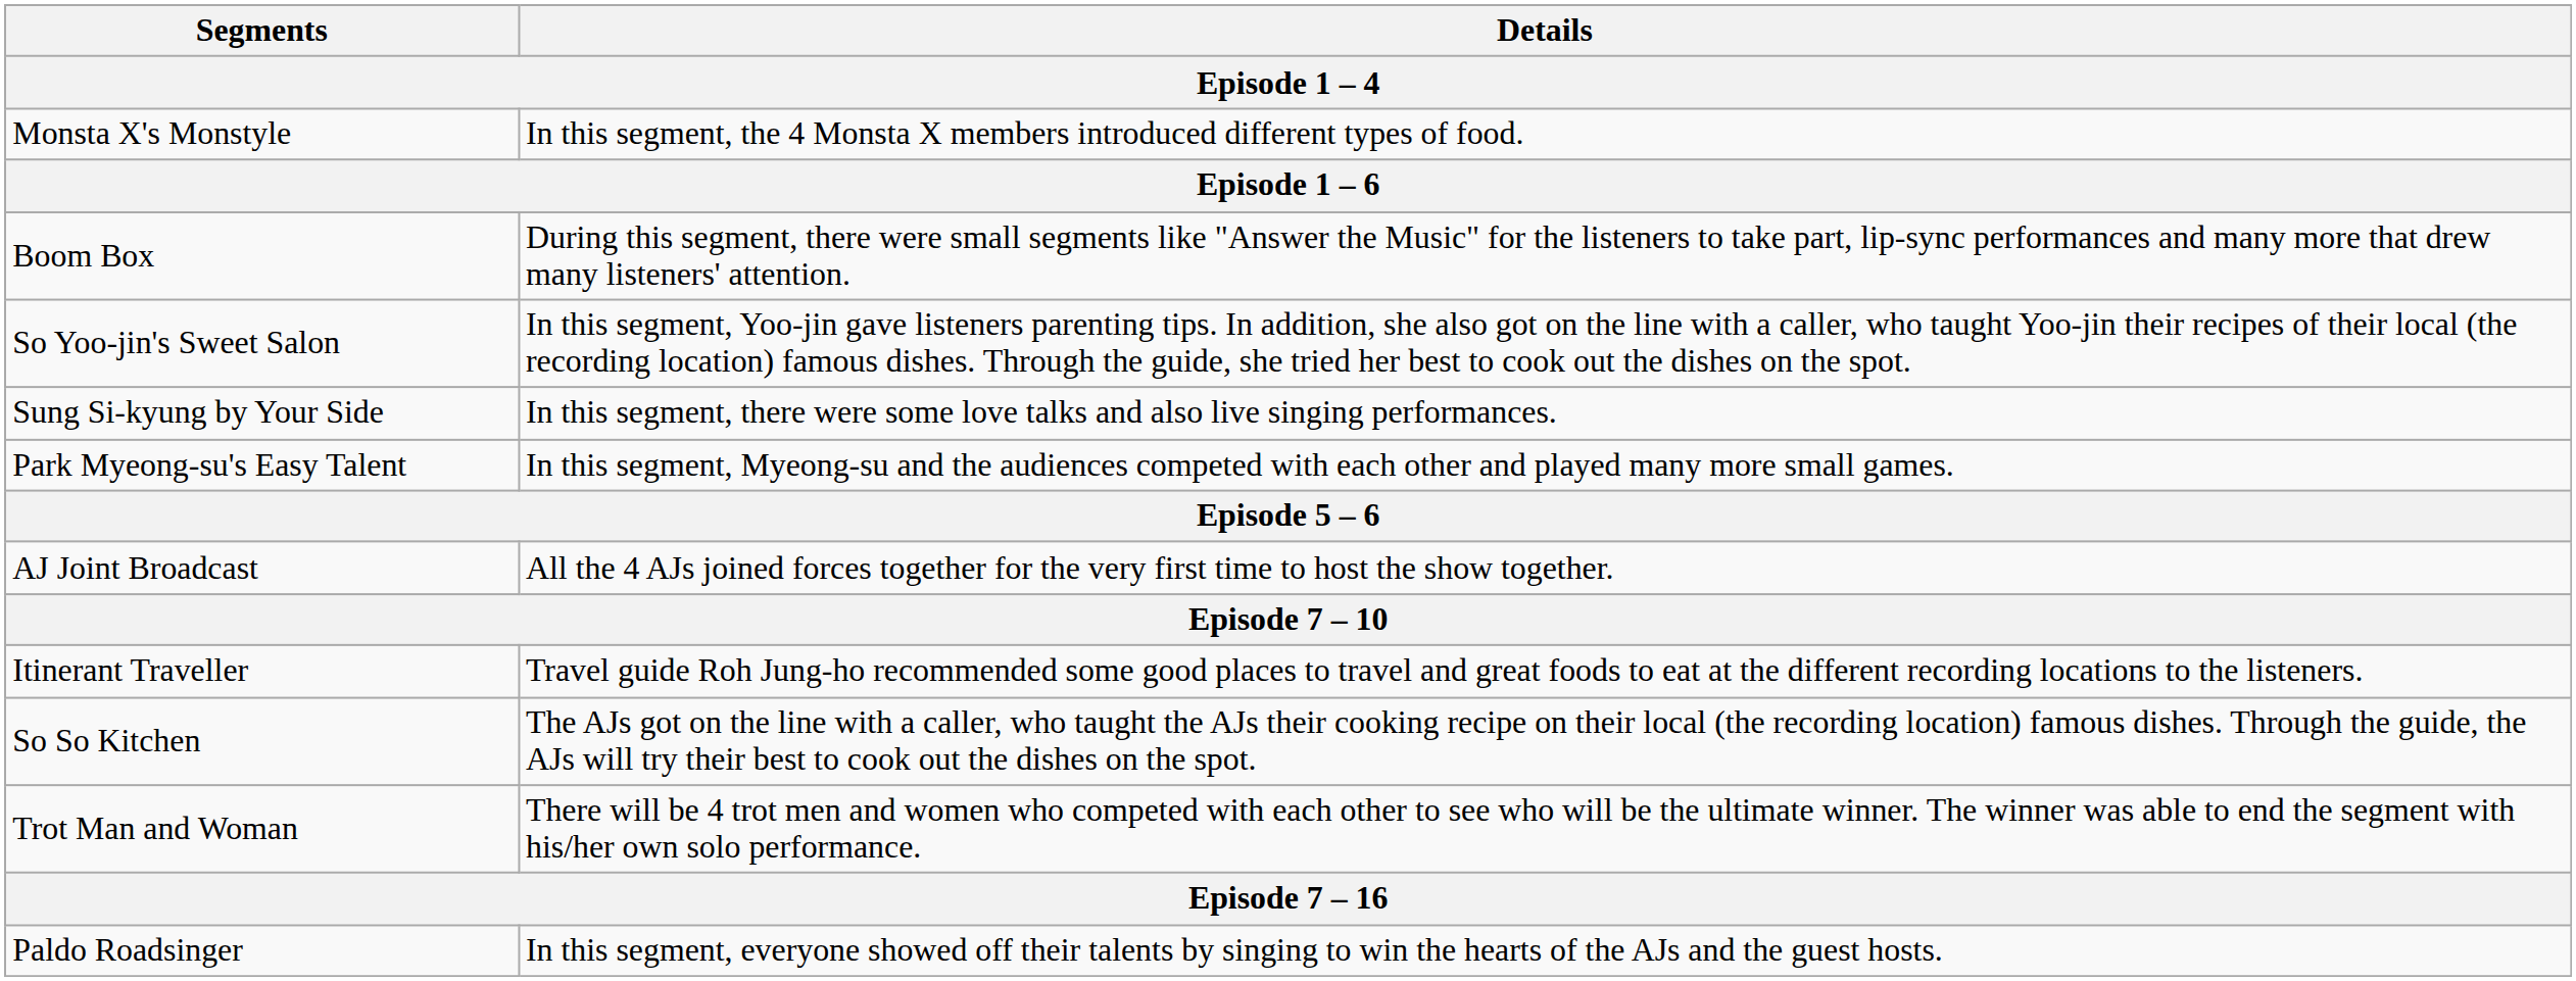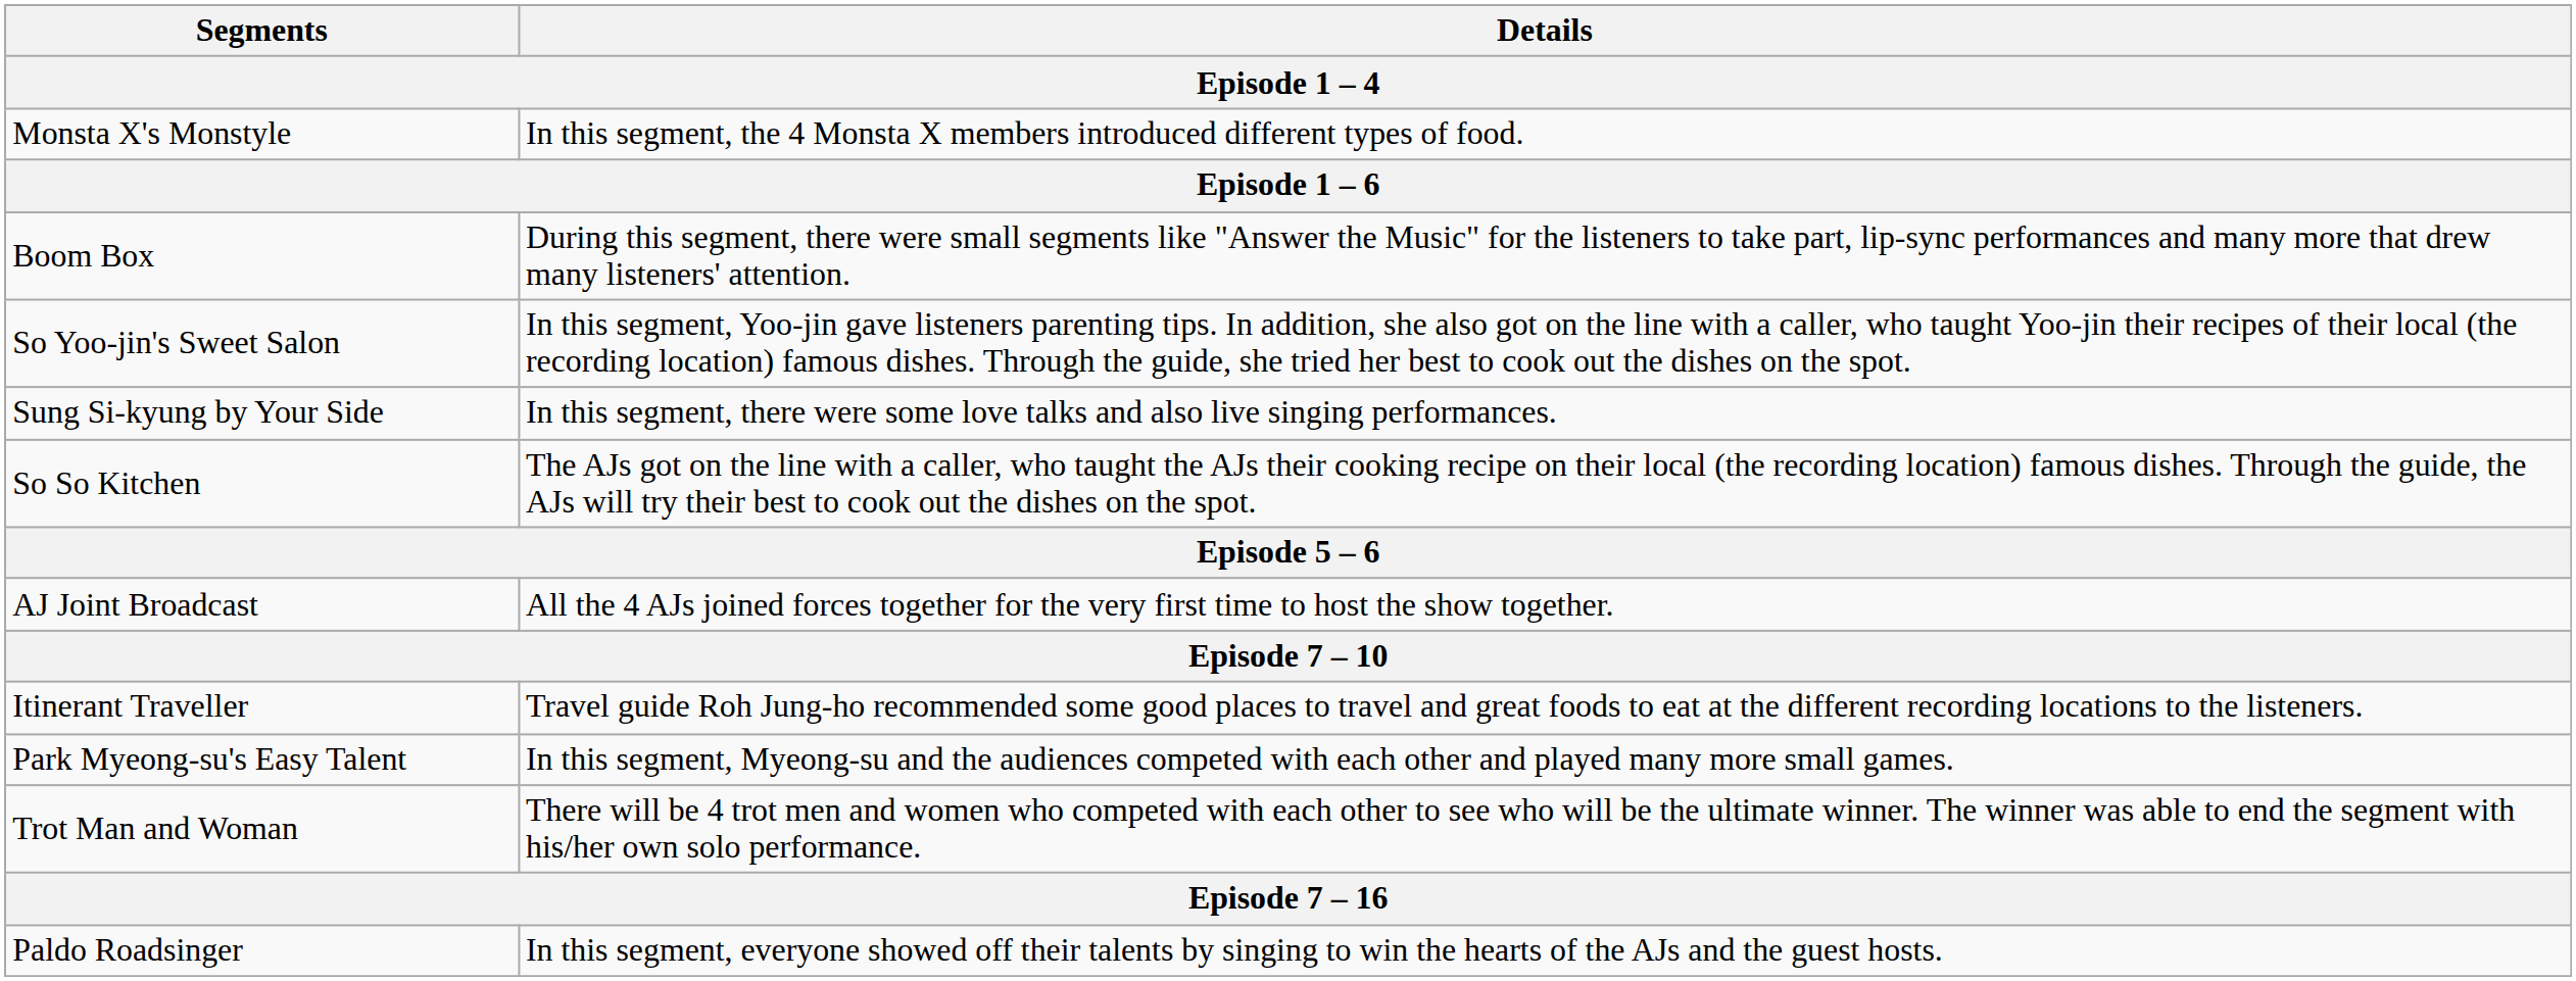 <table class="wikitable" style="width:100%;">
 <tr>
 <th style="width:20%;" style="text-align:center;">Segments</th>
 <th style="width:80%;">Details</th>
 </tr>
 <tr>
 <th colspan=2>Episode 1 – 4</th>
 </tr>
 <tr>
 <td>Monsta X's Monstyle</td>
 <td>In this segment, the 4 Monsta X members introduced different types of food.</td>
 </tr>
 <tr>
 <th colspan=2>Episode 1 – 6</th>
 </tr>
 <tr>
 <td>Boom Box</td>
 <td>During this segment, there were small segments like "Answer the Music" for the listeners to take part, lip-sync performances and many more that drew many listeners' attention.</td>
 </tr>
 <tr>
 <td>So Yoo-jin's Sweet Salon</td>
 <td>In this segment, Yoo-jin gave listeners parenting tips. In addition, she also got on the line with a caller, who  taught Yoo-jin their recipes of their local (the recording location) famous dishes. Through the guide, she tried her best to cook out the dishes on the spot.</td>
 </tr>
 <tr>
 <td>Sung Si-kyung by Your Side</td>
 <td>In this segment, there were some love talks and also live singing performances.</td>
 </tr>
 <tr>
-<td>Park Myeong-su's Easy Talent</td>
-<td>In this segment, Myeong-su and the audiences competed with each other and played many more small games.</td>
+<td>So So Kitchen</td>
+<td>The AJs got on the line with a caller, who taught the AJs their cooking recipe on their local (the recording location) famous dishes. Through the guide, the AJs will try their best to cook out the dishes on the spot.</td>
 </tr>
 <tr>
 <th colspan=2>Episode 5 – 6</th>
 </tr>
 <tr>
 <td>AJ Joint Broadcast</td>
 <td>All the 4 AJs joined forces together for the very first time to host the show together.</td>
 </tr>
 <tr>
 <th colspan=2>Episode 7 – 10</th>
 </tr>
 <tr>
 <td>Itinerant Traveller</td>
 <td>Travel guide Roh Jung-ho recommended some good places to travel and great foods to eat at the different recording locations to the listeners.</td>
 </tr>
 <tr>
-<td>So So Kitchen</td>
-<td>The AJs got on the line with a caller, who taught the AJs their cooking recipe on their local (the recording location) famous dishes. Through the guide, the AJs will try their best to cook out the dishes on the spot.</td>
+<td>Park Myeong-su's Easy Talent</td>
+<td>In this segment, Myeong-su and the audiences competed with each other and played many more small games.</td>
 </tr>
 <tr>
 <td>Trot Man and Woman</td>
 <td>There will be 4 trot men and women who competed with each other to see who will be the ultimate winner. The winner was able to end the segment with his/her own solo performance.</td>
 </tr>
 <tr>
 <th colspan=2>Episode 7 – 16</th>
 </tr>
 <tr>
 <td>Paldo Roadsinger</td>
 <td>In this segment, everyone showed off their talents by singing to win the hearts of the AJs and the guest hosts.</td>
 </tr>
 </table>
